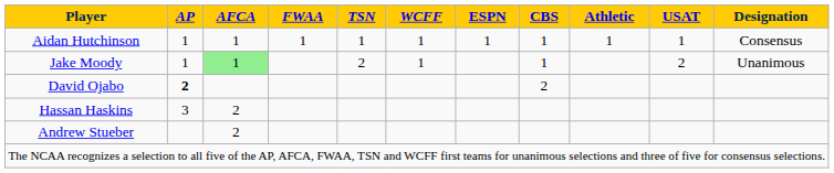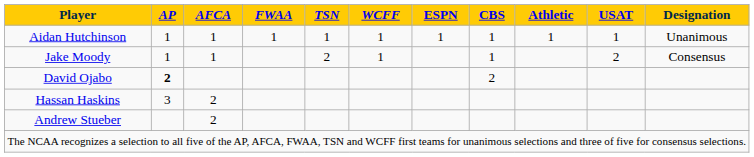 <table class="wikitable" style="text-align: center">
 <tr>
 <th style="background: #FFCB05; color: #00274C"><span>Player</span></th>
 <th style="background: #FFCB05; color: #00274C"><a href='#'><span><em>AP</em></span></a></th>
 <th style="background: #FFCB05; color: #00274C"><a href='#'><span><em>AFCA</em></span></a></th>
 <th style="background: #FFCB05; color: #00274C"><a href='#'><span><em>FWAA</em></span></a></th>
 <th style="background: #FFCB05; color: #00274C"><a href='#'><span><em>TSN</em></span></a></th>
 <th style="background: #FFCB05; color: #00274C"><a href='#'><span><em>WCFF</em></span></a></th>
 <th style="background: #FFCB05; color: #00274C"><a href='#'><span>ESPN</span></a></th>
 <th style="background: #FFCB05; color: #00274C"><a href='#'><span>CBS</span></a></th>
 <th style="background: #FFCB05; color: #00274C"><a href='#'><span>Athletic</span></a></th>
 <th style="background: #FFCB05; color: #00274C"><a href='#'><span>USAT</span></a></th>
 <th style="background: #FFCB05; color: #00274C"><span>Designation</span></th>
 </tr>
 <tr align="center">
 <td><a href='#'>Aidan Hutchinson</a></td>
 <td>1</td>
 <td>1</td>
 <td>1</td>
 <td>1</td>
 <td>1</td>
 <td>1</td>
 <td>1</td>
 <td>1</td>
 <td>1</td>
-<td>Consensus</td>
+<td>Unanimous</td>
 </tr>
 <tr align="center">
 <td><a href='#'>Jake Moody</a></td>
 <td>1</td>
-<td style="background: lightgreen;">1</td>
+<td>1</td>
 <td></td>
 <td>2</td>
 <td>1</td>
 <td></td>
 <td>1</td>
 <td></td>
 <td>2</td>
-<td>Unanimous</td>
+<td>Consensus</td>
 </tr>
 <tr align="center">
 <td><a href='#'>David Ojabo</a></td>
 <td><strong>2</strong></td>
 <td></td>
 <td></td>
 <td></td>
 <td></td>
 <td></td>
 <td>2</td>
 <td></td>
 <td></td>
 <td></td>
 </tr>
 <tr align="center">
 <td><a href='#'>Hassan Haskins</a></td>
 <td>3</td>
 <td>2</td>
 <td></td>
 <td></td>
 <td></td>
 <td></td>
 <td></td>
 <td></td>
 <td></td>
 <td></td>
 </tr>
 <tr align="center">
 <td><a href='#'>Andrew Stueber</a></td>
 <td></td>
 <td>2</td>
 <td></td>
 <td></td>
 <td></td>
 <td></td>
 <td></td>
 <td></td>
 <td></td>
 <td></td>
 </tr>
 <tr align="center">
 <td colspan=13><small>The NCAA recognizes a selection to all five of the AP, AFCA, FWAA, TSN and WCFF first teams for unanimous selections and three of five for consensus selections.</small></td>
 </tr>
 </table>
